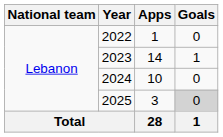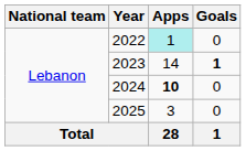 <table class="wikitable" style="text-align:center">
 <tr>
 <th>National team</th>
 <th>Year</th>
 <th>Apps</th>
 <th>Goals</th>
 </tr>
 <tr>
 <td rowspan="4"><a href='#'>Lebanon</a></td>
 <td>2022</td>
-<td>1</td>
+<td style="background: paleturquoise;">1</td>
 <td>0</td>
 </tr>
 <tr>
 <td>2023</td>
 <td>14</td>
-<td>1</td>
+<td><strong>1</strong></td>
 </tr>
 <tr>
 <td>2024</td>
-<td>10</td>
+<td><strong>10</strong></td>
 <td>0</td>
 </tr>
 <tr>
 <td>2025</td>
 <td>3</td>
-<td style="background: lightgrey;">0</td>
+<td>0</td>
 </tr>
 <tr>
 <th colspan="2">Total</th>
 <th>28</th>
 <th>1</th>
 </tr>
 </table>
